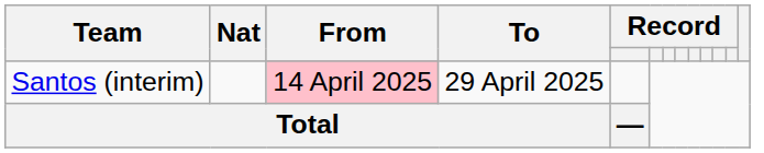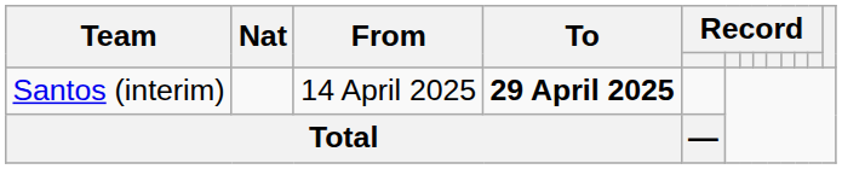 <table class="wikitable" style="text-align: center">
 <tr>
 <th rowspan="2">Team</th>
 <th rowspan="2">Nat</th>
 <th rowspan="2">From</th>
 <th rowspan="2">To</th>
 <th colspan="8">Record</th>
 <th rowspan=2></th>
 </tr>
 <tr>
 <th></th>
 <th></th>
 <th></th>
 <th></th>
 <th></th>
 <th></th>
 <th></th>
 <th></th>
 </tr>
 <tr>
 <td align=left><a href='#'>Santos</a> (interim)</td>
 <td rowspan="1"></td>
-<td align=left style="background: pink;">14 April 2025</td>
-<td align=left>29 April 2025<br></td>
+<td align=left>14 April 2025</td>
+<td align=left><strong>29 April 2025<br></strong></td>
 <td></td>
 </tr>
 <tr>
 <th colspan="4">Total<br></th>
 <th>—</th>
 </tr>
 </table>
